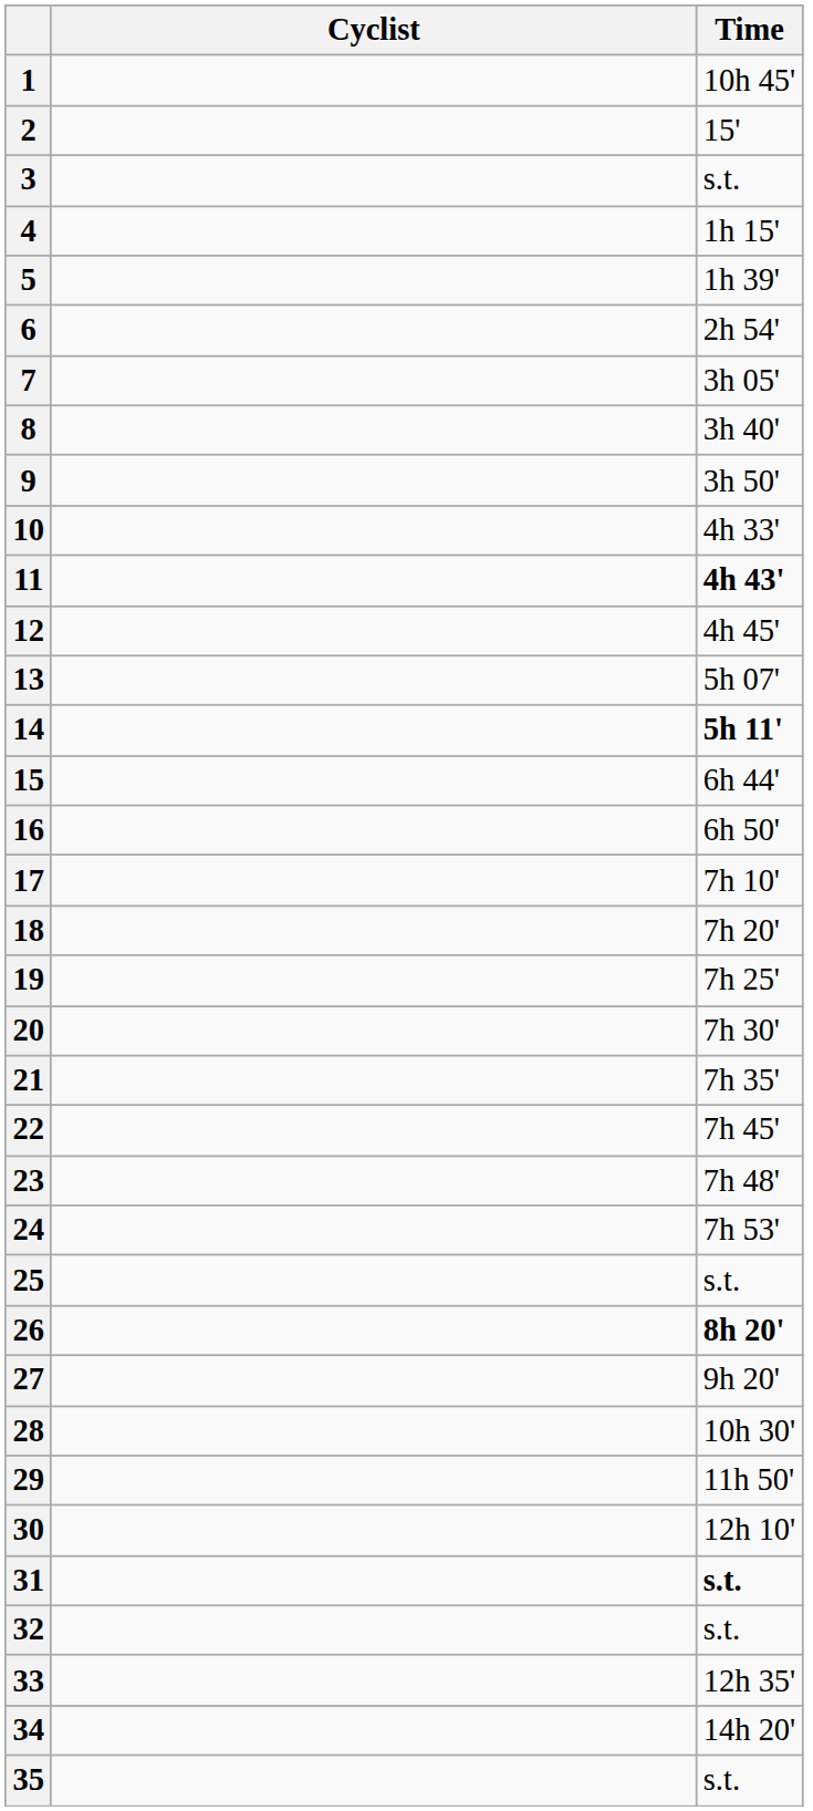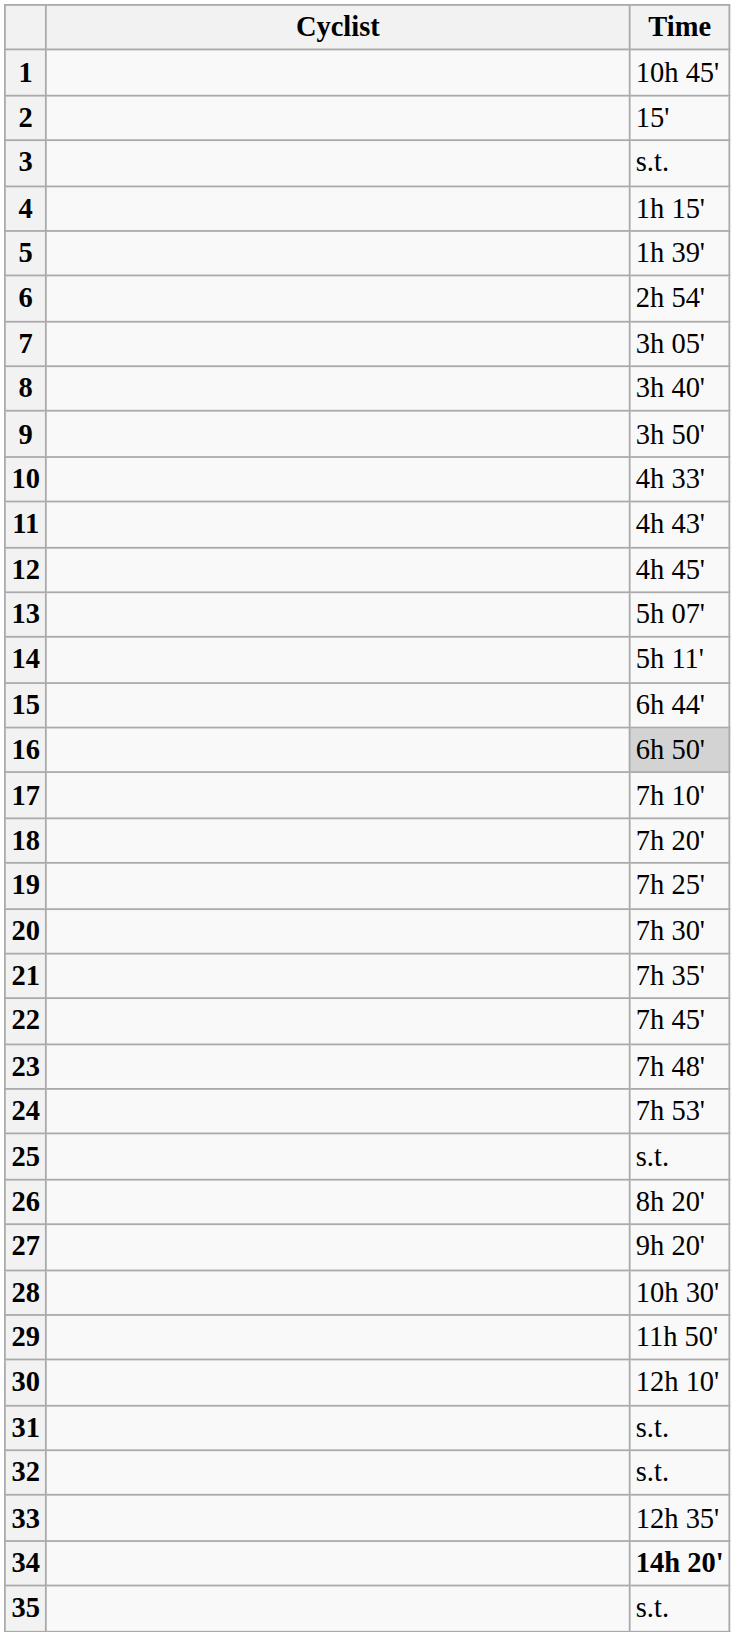 <table class="wikitable">
 <tr style="background:#ccccff;">
 <th></th>
 <th align="left" style="width: 20em">Cyclist</th>
 <th>Time</th>
 </tr>
 <tr>
 <th>1</th>
 <td></td>
 <td>10h 45'</td>
 </tr>
 <tr>
 <th>2</th>
 <td></td>
 <td>15'</td>
 </tr>
 <tr>
 <th>3</th>
 <td></td>
 <td>s.t.</td>
 </tr>
 <tr>
 <th>4</th>
 <td></td>
 <td>1h 15'</td>
 </tr>
 <tr>
 <th>5</th>
 <td></td>
 <td>1h 39'</td>
 </tr>
 <tr>
 <th>6</th>
 <td></td>
 <td>2h 54'</td>
 </tr>
 <tr>
 <th>7</th>
 <td></td>
 <td>3h 05'</td>
 </tr>
 <tr>
 <th>8</th>
 <td></td>
 <td>3h 40'</td>
 </tr>
 <tr>
 <th>9</th>
 <td></td>
 <td>3h 50'</td>
 </tr>
 <tr>
 <th>10</th>
 <td></td>
 <td>4h 33'</td>
 </tr>
 <tr>
 <th>11</th>
 <td></td>
-<td><strong>4h 43'</strong></td>
+<td>4h 43'</td>
 </tr>
 <tr>
 <th>12</th>
 <td></td>
 <td>4h 45'</td>
 </tr>
 <tr>
 <th>13</th>
 <td></td>
 <td>5h 07'</td>
 </tr>
 <tr>
 <th>14</th>
 <td></td>
-<td><strong>5h 11'</strong></td>
+<td>5h 11'</td>
 </tr>
 <tr>
 <th>15</th>
 <td></td>
 <td>6h 44'</td>
 </tr>
 <tr>
 <th>16</th>
 <td></td>
-<td>6h 50'</td>
+<td style="background: lightgrey;">6h 50'</td>
 </tr>
 <tr>
 <th>17</th>
 <td></td>
 <td>7h 10'</td>
 </tr>
 <tr>
 <th>18</th>
 <td></td>
 <td>7h 20'</td>
 </tr>
 <tr>
 <th>19</th>
 <td></td>
 <td>7h 25'</td>
 </tr>
 <tr>
 <th>20</th>
 <td></td>
 <td>7h 30'</td>
 </tr>
 <tr>
 <th>21</th>
 <td></td>
 <td>7h 35'</td>
 </tr>
 <tr>
 <th>22</th>
 <td></td>
 <td>7h 45'</td>
 </tr>
 <tr>
 <th>23</th>
 <td></td>
 <td>7h 48'</td>
 </tr>
 <tr>
 <th>24</th>
 <td></td>
 <td>7h 53'</td>
 </tr>
 <tr>
 <th>25</th>
 <td></td>
 <td>s.t.</td>
 </tr>
 <tr>
 <th>26</th>
 <td></td>
-<td><strong>8h 20'</strong></td>
+<td>8h 20'</td>
 </tr>
 <tr>
 <th>27</th>
 <td></td>
 <td>9h 20'</td>
 </tr>
 <tr>
 <th>28</th>
 <td></td>
 <td>10h 30'</td>
 </tr>
 <tr>
 <th>29</th>
 <td></td>
 <td>11h 50'</td>
 </tr>
 <tr>
 <th>30</th>
 <td></td>
 <td>12h 10'</td>
 </tr>
 <tr>
 <th>31</th>
 <td></td>
-<td><strong>s.t.</strong></td>
+<td>s.t.</td>
 </tr>
 <tr>
 <th>32</th>
 <td></td>
 <td>s.t.</td>
 </tr>
 <tr>
 <th>33</th>
 <td></td>
 <td>12h 35'</td>
 </tr>
 <tr>
 <th>34</th>
 <td></td>
-<td>14h 20'</td>
+<td><strong>14h 20'</strong></td>
 </tr>
 <tr>
 <th>35</th>
 <td></td>
 <td>s.t.</td>
 </tr>
 <tr>
 </tr>
 </table>
